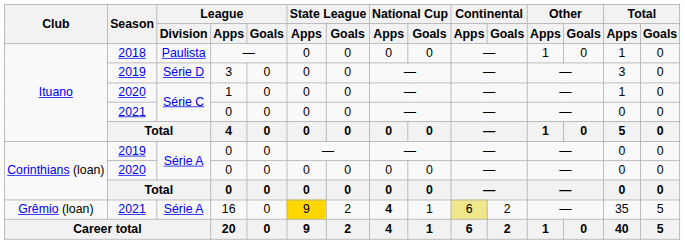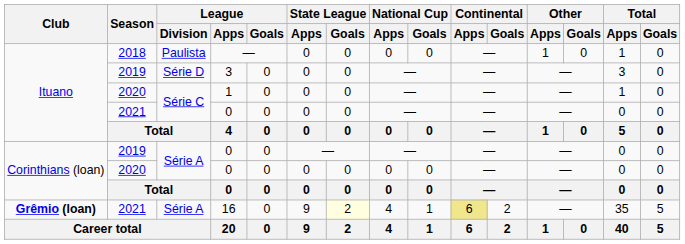 <table class="wikitable" style="text-align: center">
 <tr>
 <th rowspan="2">Club</th>
 <th rowspan="2">Season</th>
 <th colspan="3">League</th>
 <th colspan="2">State League</th>
 <th colspan="2">National Cup</th>
 <th colspan="2">Continental</th>
 <th colspan="2">Other</th>
 <th colspan="2">Total</th>
 </tr>
 <tr>
 <th>Division</th>
 <th>Apps</th>
 <th>Goals</th>
 <th>Apps</th>
 <th>Goals</th>
 <th>Apps</th>
 <th>Goals</th>
 <th>Apps</th>
 <th>Goals</th>
 <th>Apps</th>
 <th>Goals</th>
 <th>Apps</th>
 <th>Goals</th>
 </tr>
 <tr>
 <td rowspan=5><a href='#'>Ituano</a></td>
 <td><a href='#'>2018</a></td>
 <td><a href='#'>Paulista</a></td>
 <td colspan="2">—</td>
 <td>0</td>
 <td>0</td>
 <td>0</td>
 <td>0</td>
 <td colspan="2">—</td>
 <td>1</td>
 <td>0</td>
 <td>1</td>
 <td>0</td>
 </tr>
 <tr>
 <td><a href='#'>2019</a></td>
 <td><a href='#'>Série D</a></td>
 <td>3</td>
 <td>0</td>
 <td>0</td>
 <td>0</td>
 <td colspan="2">—</td>
 <td colspan="2">—</td>
 <td colspan="2">—</td>
 <td>3</td>
 <td>0</td>
 </tr>
 <tr>
 <td><a href='#'>2020</a></td>
 <td rowspan=2><a href='#'>Série C</a></td>
 <td>1</td>
 <td>0</td>
 <td>0</td>
 <td>0</td>
 <td colspan="2">—</td>
 <td colspan="2">—</td>
 <td colspan="2">—</td>
 <td>1</td>
 <td>0</td>
 </tr>
 <tr>
 <td><a href='#'>2021</a></td>
 <td>0</td>
 <td>0</td>
 <td>0</td>
 <td>0</td>
 <td colspan="2">—</td>
 <td colspan="2">—</td>
 <td colspan="2">—</td>
 <td>0</td>
 <td>0</td>
 </tr>
 <tr>
 <th colspan=2>Total</th>
 <th>4</th>
 <th>0</th>
 <th>0</th>
 <th>0</th>
 <th>0</th>
 <th>0</th>
 <th colspan="2">—</th>
 <th>1</th>
 <th>0</th>
 <th>5</th>
 <th>0</th>
 </tr>
 <tr>
 <td rowspan=3><a href='#'>Corinthians</a> (loan)</td>
 <td><a href='#'>2019</a></td>
 <td rowspan=2><a href='#'>Série A</a></td>
 <td>0</td>
 <td>0</td>
 <td colspan="2">—</td>
 <td colspan="2">—</td>
 <td colspan="2">—</td>
 <td colspan="2">—</td>
 <td>0</td>
 <td>0</td>
 </tr>
 <tr>
 <td><a href='#'>2020</a></td>
 <td>0</td>
 <td>0</td>
 <td>0</td>
 <td>0</td>
 <td>0</td>
 <td>0</td>
 <td colspan="2">—</td>
 <td colspan="2">—</td>
 <td>0</td>
 <td>0</td>
 </tr>
 <tr>
 <th colspan=2>Total</th>
 <th>0</th>
 <th>0</th>
 <th>0</th>
 <th>0</th>
 <th>0</th>
 <th>0</th>
 <th colspan="2">—</th>
 <th colspan="2">—</th>
 <th>0</th>
 <th>0</th>
 </tr>
 <tr>
-<td><a href='#'>Grêmio</a> (loan)</td>
+<td><strong><a href='#'>Grêmio</a> (loan)</strong></td>
 <td><a href='#'>2021</a></td>
 <td><a href='#'>Série A</a></td>
 <td>16</td>
 <td>0</td>
-<td style="background: gold;">9</td>
-<td>2</td>
-<td><strong>4</strong></td>
+<td>9</td>
+<td style="background: lightyellow;">2</td>
+<td>4</td>
 <td>1</td>
 <td style="background: khaki;">6</td>
 <td>2</td>
 <td colspan="2">—</td>
 <td>35</td>
 <td>5</td>
 </tr>
 <tr>
 <th colspan="3"><strong>Career total</strong></th>
 <th>20</th>
 <th>0</th>
 <th>9</th>
 <th>2</th>
 <th>4</th>
 <th>1</th>
 <th>6</th>
 <th>2</th>
 <th>1</th>
 <th>0</th>
 <th>40</th>
 <th>5</th>
 </tr>
 </table>
